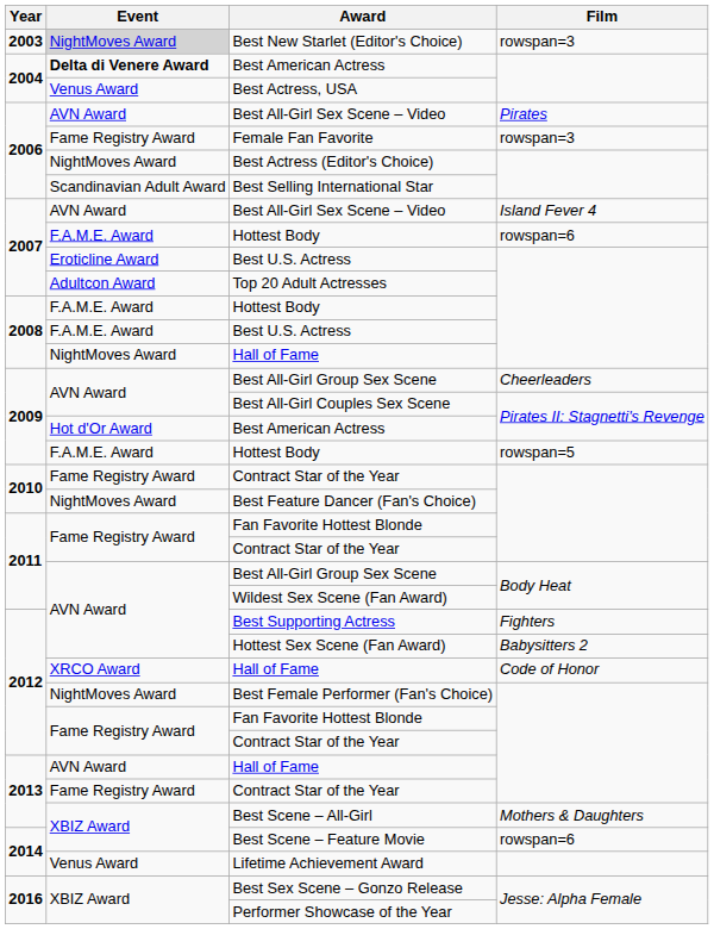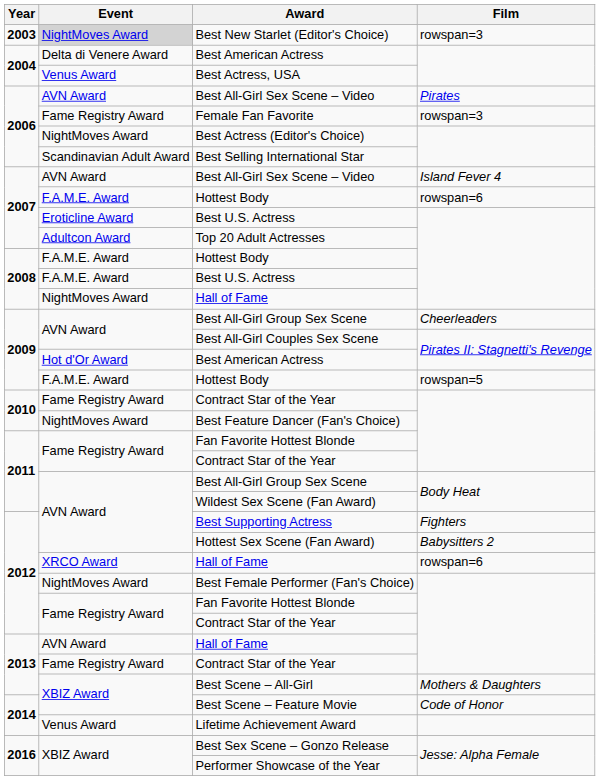 <table class="wikitable">
 <tr>
 <th>Year</th>
 <th>Event</th>
 <th>Award</th>
 <th>Film</th>
 </tr>
 <tr>
 <td><strong>2003</strong></td>
 <td style="background: lightgrey;"><a href='#'>NightMoves Award</a></td>
 <td>Best New Starlet (Editor's Choice)</td>
 <td>rowspan=3 </td>
 </tr>
 <tr>
 <td rowspan=2><strong>2004</strong></td>
-<td><strong>Delta di Venere Award</strong></td>
+<td>Delta di Venere Award</td>
 <td>Best American Actress</td>
 </tr>
 <tr>
 <td><a href='#'>Venus Award</a></td>
 <td>Best Actress, USA</td>
 </tr>
 <tr>
 <td rowspan=4><strong>2006</strong></td>
 <td><a href='#'>AVN Award</a></td>
 <td>Best All-Girl Sex Scene – Video </td>
 <td><em><a href='#'>Pirates</a></em></td>
 </tr>
 <tr>
 <td>Fame Registry Award</td>
 <td>Female Fan Favorite</td>
 <td>rowspan=3 </td>
 </tr>
 <tr>
 <td>NightMoves Award</td>
 <td>Best Actress (Editor's Choice)</td>
 </tr>
 <tr>
 <td>Scandinavian Adult Award</td>
 <td>Best Selling International Star</td>
 </tr>
 <tr>
 <td rowspan=4><strong>2007</strong></td>
 <td>AVN Award</td>
 <td>Best All-Girl Sex Scene – Video </td>
 <td><em>Island Fever 4</em></td>
 </tr>
 <tr>
 <td><a href='#'>F.A.M.E. Award</a></td>
 <td>Hottest Body</td>
 <td>rowspan=6 </td>
 </tr>
 <tr>
 <td><a href='#'>Eroticline Award</a></td>
 <td>Best U.S. Actress</td>
 </tr>
 <tr>
 <td><a href='#'>Adultcon Award</a></td>
 <td>Top 20 Adult Actresses</td>
 </tr>
 <tr>
 <td rowspan=3><strong>2008</strong></td>
 <td>F.A.M.E. Award</td>
 <td>Hottest Body</td>
 </tr>
 <tr>
 <td>F.A.M.E. Award</td>
 <td>Best U.S. Actress</td>
 </tr>
 <tr>
 <td>NightMoves Award</td>
 <td><a href='#'>Hall of Fame</a></td>
 </tr>
 <tr>
 <td rowspan=4><strong>2009</strong></td>
 <td rowspan=2>AVN Award</td>
 <td>Best All-Girl Group Sex Scene </td>
 <td><em>Cheerleaders</em></td>
 </tr>
 <tr>
 <td>Best All-Girl Couples Sex Scene </td>
 <td rowspan=2><em><a href='#'>Pirates II: Stagnetti's Revenge</a></em></td>
 </tr>
 <tr>
 <td><a href='#'>Hot d'Or Award</a></td>
 <td>Best American Actress</td>
 </tr>
 <tr>
 <td>F.A.M.E. Award</td>
 <td>Hottest Body</td>
 <td>rowspan=5 </td>
 </tr>
 <tr>
 <td rowspan=2><strong>2010</strong></td>
 <td>Fame Registry Award</td>
 <td>Contract Star of the Year</td>
 </tr>
 <tr>
 <td>NightMoves Award</td>
 <td>Best Feature Dancer (Fan's Choice)</td>
 </tr>
 <tr>
 <td rowspan=4><strong>2011</strong></td>
 <td rowspan=2>Fame Registry Award</td>
 <td>Fan Favorite Hottest Blonde</td>
 </tr>
 <tr>
 <td>Contract Star of the Year</td>
 </tr>
 <tr>
 <td rowspan=4>AVN Award</td>
 <td>Best All-Girl Group Sex Scene </td>
 <td rowspan=2><em>Body Heat</em></td>
 </tr>
 <tr>
 <td>Wildest Sex Scene (Fan Award) </td>
 </tr>
 <tr>
 <td rowspan=6><strong>2012</strong></td>
 <td><a href='#'>Best Supporting Actress</a></td>
 <td><em>Fighters</em></td>
 </tr>
 <tr>
 <td>Hottest Sex Scene (Fan Award) </td>
 <td><em>Babysitters 2</em></td>
 </tr>
 <tr>
 <td><a href='#'>XRCO Award</a></td>
 <td><a href='#'>Hall of Fame</a></td>
-<td><em>Code of Honor</em></td>
+<td>rowspan=6 </td>
 </tr>
 <tr>
 <td>NightMoves Award</td>
 <td>Best Female Performer (Fan's Choice)</td>
 </tr>
 <tr>
 <td rowspan=2>Fame Registry Award</td>
 <td>Fan Favorite Hottest Blonde</td>
 </tr>
 <tr>
 <td>Contract Star of the Year</td>
 </tr>
 <tr>
 <td rowspan=3><strong>2013</strong></td>
 <td>AVN Award</td>
 <td><a href='#'>Hall of Fame</a></td>
 </tr>
 <tr>
 <td>Fame Registry Award</td>
 <td>Contract Star of the Year</td>
 </tr>
 <tr>
 <td rowspan=2><a href='#'>XBIZ Award</a></td>
 <td>Best Scene – All-Girl </td>
 <td><em>Mothers & Daughters</em></td>
 </tr>
 <tr>
 <td rowspan=2><strong>2014</strong></td>
 <td>Best Scene – Feature Movie </td>
-<td>rowspan=6 </td>
+<td><em>Code of Honor</em></td>
 </tr>
 <tr>
 <td>Venus Award</td>
 <td>Lifetime Achievement Award</td>
 <td></td>
 </tr>
 <tr>
 <td rowspan=2><strong>2016</strong></td>
 <td rowspan=2>XBIZ Award</td>
 <td>Best Sex Scene – Gonzo Release </td>
 <td rowspan=2><em>Jesse: Alpha Female</em></td>
 </tr>
 <tr>
 <td>Performer Showcase of the Year</td>
 </tr>
 </table>
